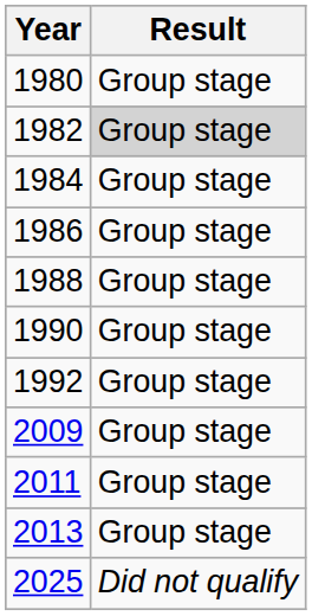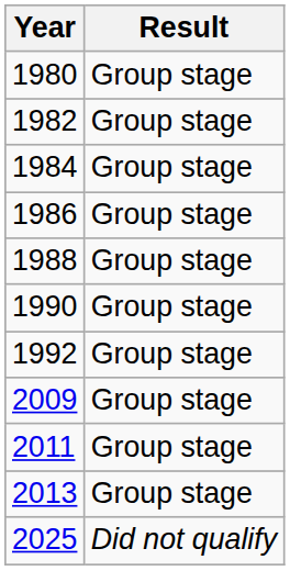 <table class="wikitable">
 <tr>
 <th>Year</th>
 <th>Result</th>
 </tr>
 <tr>
 <td> 1980</td>
 <td>Group stage</td>
 </tr>
 <tr>
 <td> 1982</td>
-<td style="background: lightgrey;">Group stage</td>
+<td>Group stage</td>
 </tr>
 <tr>
 <td> 1984</td>
 <td>Group stage</td>
 </tr>
 <tr>
 <td> 1986</td>
 <td>Group stage</td>
 </tr>
 <tr>
 <td> 1988</td>
 <td>Group stage</td>
 </tr>
 <tr>
 <td> 1990</td>
 <td>Group stage</td>
 </tr>
 <tr>
 <td> 1992</td>
 <td>Group stage</td>
 </tr>
 <tr>
 <td> <a href='#'>2009</a></td>
 <td>Group stage</td>
 </tr>
 <tr>
 <td> <a href='#'>2011</a></td>
 <td>Group stage</td>
 </tr>
 <tr>
 <td> <a href='#'>2013</a></td>
 <td>Group stage</td>
 </tr>
 <tr>
 <td> <a href='#'>2025</a></td>
 <td><em>Did not qualify</em></td>
 </tr>
 </table>
